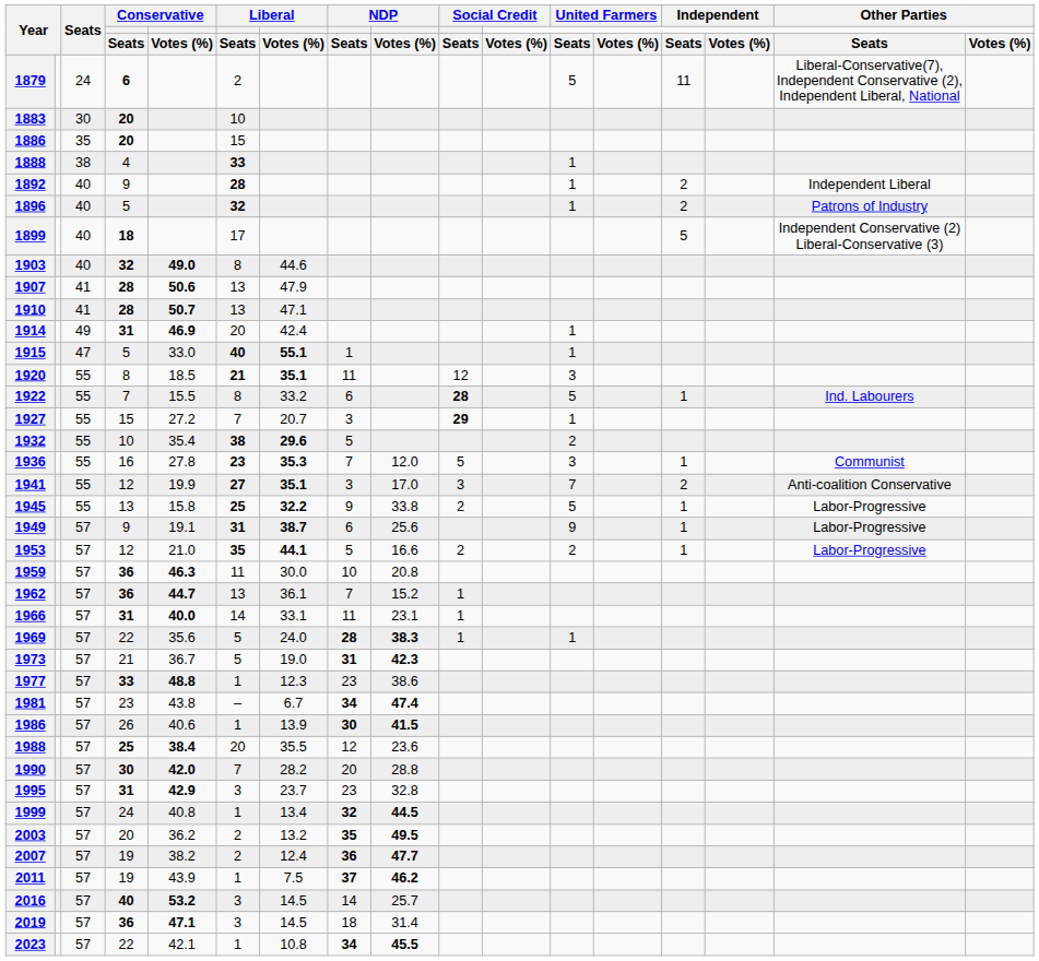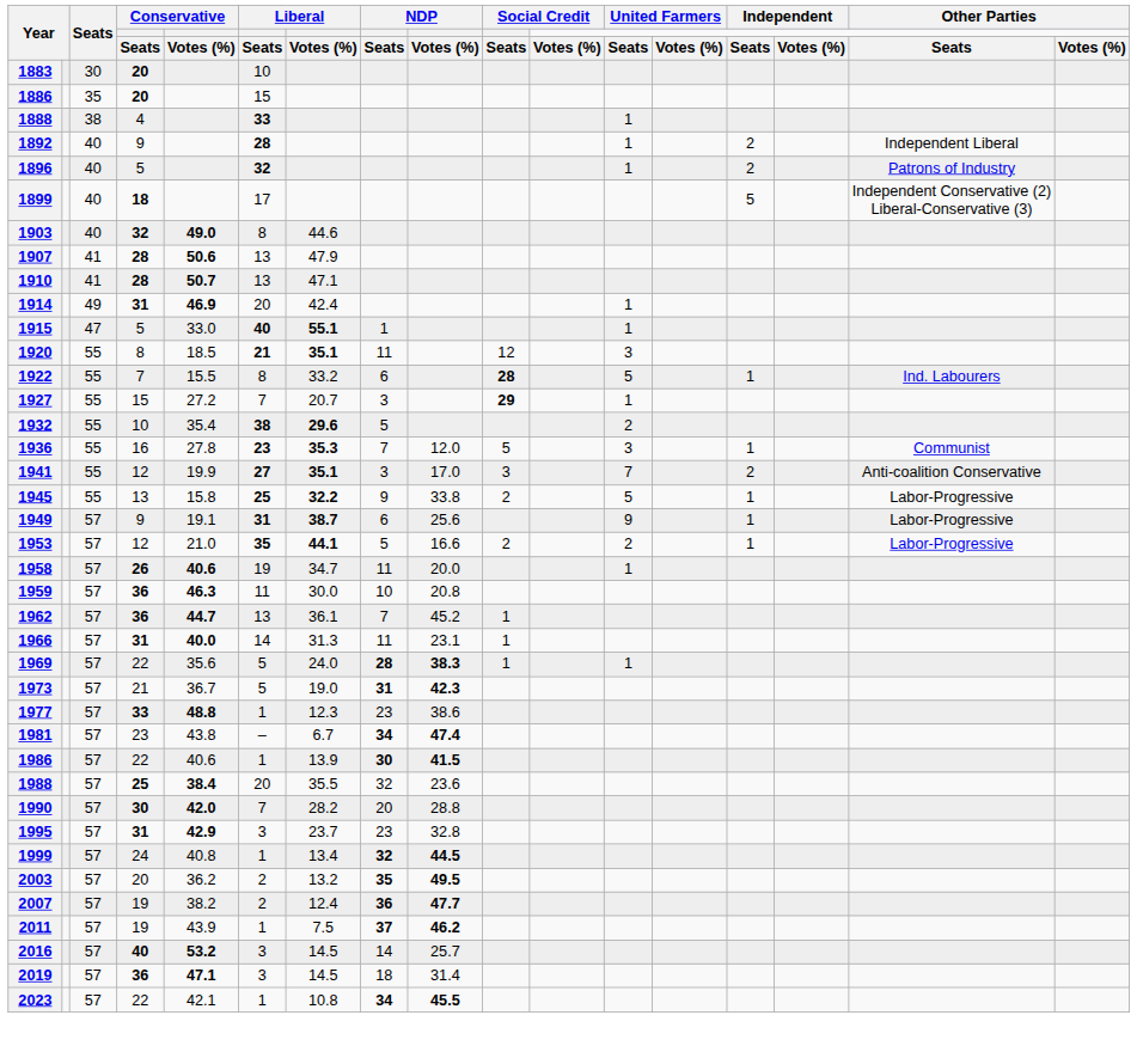 <table class="sortable wikitable" style="margin:auto; clear:both; text-align:center;" border="0">
 <tr style="background:#ccf">
 <th rowspan=3 colspan=2>Year</th>
 <th width="40" rowspan=3>Seats</th>
 <th colspan="2"><a href='#'>Conservative</a></th>
 <th width="75" colspan="2"><a href='#'>Liberal</a></th>
 <th width="75" colspan="2"><a href='#'>NDP</a></th>
 <th colspan="2"><a href='#'>Social Credit</a></th>
 <th colspan="2"><a href='#'>United Farmers</a></th>
 <th colspan="2">Independent</th>
 <th colspan=2>Other Parties</th>
 </tr>
 <tr>
 <th style="background:"></th>
 <th style="background:"></th>
 <th style="background:"></th>
 <th style="background:"></th>
 <th style="background:"></th>
 <th style="background:"></th>
 <th style="background:"></th>
 </tr>
 <tr>
 <th><strong>Seats</strong></th>
 <th><strong>Votes (%)</strong></th>
 <th><strong>Seats</strong></th>
 <th><strong>Votes (%)</strong></th>
 <th><strong>Seats</strong></th>
 <th><strong>Votes (%)</strong></th>
 <th><strong>Seats</strong></th>
 <th><strong>Votes (%)</strong></th>
 <th><strong>Seats</strong></th>
 <th><strong>Votes (%)</strong></th>
 <th><strong>Seats</strong></th>
 <th><strong>Votes (%)</strong></th>
 <th><strong>Seats</strong></th>
 <th><strong>Votes (%)</strong></th>
-</tr>
-<tr>
-<th><a href='#'>1879</a></th>
-<td></td>
-<td>24</td>
-<td><strong>6</strong></td>
-<td></td>
-<td>2</td>
-<td></td>
-<td></td>
-<td></td>
-<td></td>
-<td></td>
-<td>5</td>
-<td></td>
-<td>11</td>
-<td></td>
-<td>Liberal-Conservative(7), <br> Independent Conservative (2),<br> Independent Liberal, <a href='#'>National</a></td>
-<td></td>
 </tr>
 <tr style="background:#EEEEEE">
 <th><a href='#'>1883</a></th>
 <td></td>
 <td>30</td>
 <td><strong>20</strong></td>
 <td></td>
 <td>10</td>
 <td></td>
 <td></td>
 <td></td>
 <td></td>
 <td></td>
 <td></td>
 <td></td>
 <td></td>
 <td></td>
 <td></td>
 <td></td>
 </tr>
 <tr>
 <th><a href='#'>1886</a></th>
 <td></td>
 <td>35</td>
 <td><strong>20</strong></td>
 <td></td>
 <td>15</td>
 <td></td>
 <td></td>
 <td></td>
 <td></td>
 <td></td>
 <td></td>
 <td></td>
 <td></td>
 <td></td>
 <td></td>
 <td></td>
 </tr>
 <tr style="background:#EEEEEE">
 <th><a href='#'>1888</a></th>
 <td></td>
 <td>38</td>
 <td>4</td>
 <td></td>
 <td><strong>33</strong></td>
 <td></td>
 <td></td>
 <td></td>
 <td></td>
 <td></td>
 <td>1</td>
 <td></td>
 <td></td>
 <td></td>
 <td></td>
 <td></td>
 </tr>
 <tr>
 <th><a href='#'>1892</a></th>
 <td></td>
 <td>40</td>
 <td>9</td>
 <td></td>
 <td><strong>28</strong></td>
 <td></td>
 <td></td>
 <td></td>
 <td></td>
 <td></td>
 <td>1</td>
 <td></td>
 <td>2</td>
 <td></td>
 <td>Independent Liberal</td>
 <td></td>
 </tr>
 <tr style="background:#EEEEEE">
 <th><a href='#'>1896</a></th>
 <td></td>
 <td>40</td>
 <td>5</td>
 <td></td>
 <td><strong>32</strong></td>
 <td></td>
 <td></td>
 <td></td>
 <td></td>
 <td></td>
 <td>1</td>
 <td></td>
 <td>2</td>
 <td></td>
 <td><a href='#'>Patrons of Industry</a></td>
 <td></td>
 </tr>
 <tr>
 <th><a href='#'>1899</a></th>
 <td></td>
 <td>40</td>
 <td><strong>18</strong></td>
 <td></td>
 <td>17</td>
 <td></td>
 <td></td>
 <td></td>
 <td></td>
 <td></td>
 <td></td>
 <td></td>
 <td>5</td>
 <td></td>
 <td>Independent Conservative (2)<br>Liberal-Conservative (3)</td>
 <td></td>
 </tr>
 <tr style="background:#EEEEEE">
 <th><a href='#'>1903</a></th>
 <td></td>
 <td>40</td>
 <td><strong>32</strong></td>
 <td><strong>49.0</strong></td>
 <td>8</td>
 <td>44.6</td>
 <td></td>
 <td></td>
 <td></td>
 <td></td>
 <td></td>
 <td></td>
 <td></td>
 <td></td>
 <td></td>
 <td></td>
 </tr>
 <tr>
 <th><a href='#'>1907</a></th>
 <td></td>
 <td>41</td>
 <td><strong>28</strong></td>
 <td><strong>50.6</strong></td>
 <td>13</td>
 <td>47.9</td>
 <td></td>
 <td></td>
 <td></td>
 <td></td>
 <td></td>
 <td></td>
 <td></td>
 <td></td>
 <td></td>
 <td></td>
 </tr>
 <tr style="background:#EEEEEE">
 <th><a href='#'>1910</a></th>
 <td></td>
 <td>41</td>
 <td><strong>28</strong></td>
 <td><strong>50.7</strong></td>
 <td>13</td>
 <td>47.1</td>
 <td></td>
 <td></td>
 <td></td>
 <td></td>
 <td></td>
 <td></td>
 <td></td>
 <td></td>
 <td></td>
 <td></td>
 </tr>
 <tr>
 <th><a href='#'>1914</a></th>
 <td></td>
 <td>49</td>
 <td><strong>31</strong></td>
 <td><strong>46.9</strong></td>
 <td>20</td>
 <td>42.4</td>
 <td></td>
 <td></td>
 <td></td>
 <td></td>
 <td>1</td>
 <td></td>
 <td></td>
 <td></td>
 <td></td>
 <td></td>
 </tr>
 <tr style="background:#EEEEEE">
 <th><a href='#'>1915</a></th>
 <td></td>
 <td>47</td>
 <td>5</td>
 <td>33.0</td>
 <td><strong>40</strong></td>
 <td><strong>55.1</strong></td>
 <td>1</td>
 <td></td>
 <td></td>
 <td></td>
 <td>1</td>
 <td></td>
 <td></td>
 <td></td>
 <td></td>
 <td></td>
 </tr>
 <tr>
 <th><a href='#'>1920</a></th>
 <td></td>
 <td>55</td>
 <td>8</td>
 <td>18.5</td>
 <td><strong>21</strong></td>
 <td><strong>35.1</strong></td>
 <td>11</td>
 <td></td>
 <td>12</td>
 <td></td>
 <td>3</td>
 <td></td>
 <td></td>
 <td></td>
 <td></td>
 <td></td>
 </tr>
 <tr style="background:#EEEEEE">
 <th><a href='#'>1922</a></th>
 <td></td>
 <td>55</td>
 <td>7</td>
 <td>15.5</td>
 <td>8</td>
 <td>33.2</td>
 <td>6</td>
 <td></td>
 <td><strong>28</strong></td>
 <td></td>
 <td>5</td>
 <td></td>
 <td>1</td>
 <td></td>
 <td><a href='#'>Ind. Labourers</a></td>
 <td></td>
 </tr>
 <tr>
 <th><a href='#'>1927</a></th>
 <td></td>
 <td>55</td>
 <td>15</td>
 <td>27.2</td>
 <td>7</td>
 <td>20.7</td>
 <td>3</td>
 <td></td>
 <td><strong>29</strong></td>
 <td></td>
 <td>1</td>
 <td></td>
 <td></td>
 <td></td>
 <td></td>
 <td></td>
 </tr>
 <tr style="background:#EEEEEE">
 <th><a href='#'>1932</a></th>
 <td></td>
 <td>55</td>
 <td>10</td>
 <td>35.4</td>
 <td><strong>38</strong></td>
 <td><strong>29.6</strong></td>
 <td>5</td>
 <td></td>
 <td></td>
 <td></td>
 <td>2</td>
 <td></td>
 <td></td>
 <td></td>
 <td></td>
 <td></td>
 </tr>
 <tr>
 <th><a href='#'>1936</a></th>
 <td></td>
 <td>55</td>
 <td>16</td>
 <td>27.8</td>
 <td><strong>23</strong></td>
 <td><strong>35.3</strong></td>
 <td>7</td>
 <td>12.0</td>
 <td>5</td>
 <td></td>
 <td>3</td>
 <td></td>
 <td>1</td>
 <td></td>
 <td><a href='#'>Communist</a></td>
 <td></td>
 </tr>
 <tr style="background:#EEEEEE">
 <th><a href='#'>1941</a></th>
 <td></td>
 <td>55</td>
 <td>12</td>
 <td>19.9</td>
 <td><strong>27</strong></td>
 <td><strong>35.1</strong></td>
 <td>3</td>
 <td>17.0</td>
 <td>3</td>
 <td></td>
 <td>7</td>
 <td></td>
 <td>2</td>
 <td></td>
 <td>Anti-coalition Conservative</td>
 <td></td>
 </tr>
 <tr>
 <th><a href='#'>1945</a></th>
 <td></td>
 <td>55</td>
 <td>13</td>
 <td>15.8</td>
 <td><strong>25</strong></td>
 <td><strong>32.2</strong></td>
 <td>9</td>
 <td>33.8</td>
 <td>2</td>
 <td></td>
 <td>5</td>
 <td></td>
 <td>1</td>
 <td></td>
 <td>Labor-Progressive</td>
 <td></td>
 </tr>
 <tr style="background:#EEEEEE">
 <th><a href='#'>1949</a></th>
 <td></td>
 <td>57</td>
 <td>9</td>
 <td>19.1</td>
 <td><strong>31</strong></td>
 <td><strong>38.7</strong></td>
 <td>6</td>
 <td>25.6</td>
 <td></td>
 <td></td>
 <td>9</td>
 <td></td>
 <td>1</td>
 <td></td>
 <td>Labor-Progressive</td>
 <td></td>
 </tr>
 <tr>
 <th><a href='#'>1953</a></th>
 <td></td>
 <td>57</td>
 <td>12</td>
 <td>21.0</td>
 <td><strong>35</strong></td>
 <td><strong>44.1</strong></td>
 <td>5</td>
 <td>16.6</td>
 <td>2</td>
 <td></td>
 <td>2</td>
 <td></td>
 <td>1</td>
 <td></td>
 <td><a href='#'>Labor-Progressive</a></td>
 <td></td>
 </tr>
+<tr style="background:#EEEEEE">
+<th><a href='#'>1958</a></th>
+<td></td>
+<td>57</td>
+<td><strong>26</strong></td>
+<td><strong>40.6</strong></td>
+<td>19</td>
+<td>34.7</td>
+<td>11</td>
+<td>20.0</td>
+<td></td>
+<td></td>
+<td>1</td>
+<td></td>
+<td></td>
+<td></td>
+<td></td>
+<td></td>
+</tr>
 <tr>
 <th><a href='#'>1959</a></th>
 <td></td>
 <td>57</td>
 <td><strong>36</strong></td>
 <td><strong>46.3</strong></td>
 <td>11</td>
 <td>30.0</td>
 <td>10</td>
 <td>20.8</td>
 <td></td>
 <td></td>
 <td></td>
 <td></td>
 <td></td>
 <td></td>
 <td></td>
 <td></td>
 </tr>
 <tr style="background:#EEEEEE">
 <th><a href='#'>1962</a></th>
 <td></td>
 <td>57</td>
 <td><strong>36</strong></td>
 <td><strong>44.7</strong></td>
 <td>13</td>
 <td>36.1</td>
 <td>7</td>
-<td>15.2</td>
+<td>45.2</td>
 <td>1</td>
 <td></td>
 <td></td>
 <td></td>
 <td></td>
 <td></td>
 <td></td>
 <td></td>
 </tr>
 <tr>
 <th><a href='#'>1966</a></th>
 <td></td>
 <td>57</td>
 <td><strong>31</strong></td>
 <td><strong>40.0</strong></td>
 <td>14</td>
-<td>33.1</td>
+<td>31.3</td>
 <td>11</td>
 <td>23.1</td>
 <td>1</td>
 <td></td>
 <td></td>
 <td></td>
 <td></td>
 <td></td>
 <td></td>
 <td></td>
 </tr>
 <tr style="background:#EEEEEE">
 <th><a href='#'>1969</a></th>
 <td></td>
 <td>57</td>
 <td>22</td>
 <td>35.6</td>
 <td>5</td>
 <td>24.0</td>
 <td><strong>28</strong></td>
 <td><strong>38.3</strong></td>
 <td>1</td>
 <td></td>
 <td>1</td>
 <td></td>
 <td></td>
 <td></td>
 <td></td>
 <td></td>
 </tr>
 <tr>
 <th><a href='#'>1973</a></th>
 <td></td>
 <td>57</td>
 <td>21</td>
 <td>36.7</td>
 <td>5</td>
 <td>19.0</td>
 <td><strong>31</strong></td>
 <td><strong>42.3</strong></td>
 <td></td>
 <td></td>
 <td></td>
 <td></td>
 <td></td>
 <td></td>
 <td></td>
 <td></td>
 </tr>
 <tr style="background:#EEEEEE">
 <th><a href='#'>1977</a></th>
 <td></td>
 <td>57</td>
 <td><strong>33</strong></td>
 <td><strong>48.8</strong></td>
 <td>1</td>
 <td>12.3</td>
 <td>23</td>
 <td>38.6</td>
 <td></td>
 <td></td>
 <td></td>
 <td></td>
 <td></td>
 <td></td>
 <td></td>
 <td></td>
 </tr>
 <tr>
 <th><a href='#'>1981</a></th>
 <td></td>
 <td>57</td>
 <td>23</td>
 <td>43.8</td>
 <td>–</td>
 <td>6.7</td>
 <td><strong>34</strong></td>
 <td><strong>47.4</strong></td>
 <td></td>
 <td></td>
 <td></td>
 <td></td>
 <td></td>
 <td></td>
 <td></td>
 <td></td>
 </tr>
 <tr style="background:#EEEEEE">
 <th><a href='#'>1986</a></th>
 <td></td>
 <td>57</td>
-<td>26</td>
+<td>22</td>
 <td>40.6</td>
 <td>1</td>
 <td>13.9</td>
 <td><strong>30</strong></td>
 <td><strong>41.5</strong></td>
 <td></td>
 <td></td>
 <td></td>
 <td></td>
 <td></td>
 <td></td>
 <td></td>
 <td></td>
 </tr>
 <tr>
 <th><a href='#'>1988</a></th>
 <td></td>
 <td>57</td>
 <td><strong>25</strong></td>
 <td><strong>38.4</strong></td>
 <td>20</td>
 <td>35.5</td>
-<td>12</td>
+<td>32</td>
 <td>23.6</td>
 <td></td>
 <td></td>
 <td></td>
 <td></td>
 <td></td>
 <td></td>
 <td></td>
 <td></td>
 </tr>
 <tr style="background:#EEEEEE">
 <th><a href='#'>1990</a></th>
 <td></td>
 <td>57</td>
 <td><strong>30</strong></td>
 <td><strong>42.0</strong></td>
 <td>7</td>
 <td>28.2</td>
 <td>20</td>
 <td>28.8</td>
 <td></td>
 <td></td>
 <td></td>
 <td></td>
 <td></td>
 <td></td>
 <td></td>
 <td></td>
 </tr>
 <tr>
 <th><a href='#'>1995</a></th>
 <td></td>
 <td>57</td>
 <td><strong>31</strong></td>
 <td><strong>42.9</strong></td>
 <td>3</td>
 <td>23.7</td>
 <td>23</td>
 <td>32.8</td>
 <td></td>
 <td></td>
 <td></td>
 <td></td>
 <td></td>
 <td></td>
 <td></td>
 <td></td>
 </tr>
 <tr style="background:#EEEEEE">
 <th><a href='#'>1999</a></th>
 <td></td>
 <td>57</td>
 <td>24</td>
 <td>40.8</td>
 <td>1</td>
 <td>13.4</td>
 <td><strong>32</strong></td>
 <td><strong>44.5</strong></td>
 <td></td>
 <td></td>
 <td></td>
 <td></td>
 <td></td>
 <td></td>
 <td></td>
 <td></td>
 </tr>
 <tr>
 <th width="50"><a href='#'>2003</a></th>
 <td></td>
 <td>57</td>
 <td>20</td>
 <td>36.2</td>
 <td>2</td>
 <td>13.2</td>
 <td><strong>35</strong></td>
 <td><strong>49.5</strong></td>
 <td></td>
 <td></td>
 <td></td>
 <td></td>
 <td></td>
 <td></td>
 <td></td>
 <td></td>
 </tr>
 <tr style="background:#EEEEEE">
 <th><a href='#'>2007</a></th>
 <td></td>
 <td>57</td>
 <td>19</td>
 <td>38.2</td>
 <td>2</td>
 <td>12.4</td>
 <td><strong>36</strong></td>
 <td><strong>47.7</strong></td>
 <td></td>
 <td></td>
 <td></td>
 <td></td>
 <td></td>
 <td></td>
 <td></td>
 <td></td>
 </tr>
 <tr>
 <th><a href='#'>2011</a></th>
 <td></td>
 <td>57</td>
 <td>19</td>
 <td>43.9</td>
 <td>1</td>
 <td>7.5</td>
 <td><strong>37</strong></td>
 <td><strong>46.2</strong></td>
 <td></td>
 <td></td>
 <td></td>
 <td></td>
 <td></td>
 <td></td>
 <td></td>
 <td></td>
 </tr>
 <tr style="background:#EEEEEE">
 <th><a href='#'>2016</a></th>
 <td></td>
 <td>57</td>
 <td><strong>40</strong></td>
 <td><strong>53.2</strong></td>
 <td>3</td>
 <td>14.5</td>
 <td>14</td>
 <td>25.7</td>
 <td></td>
 <td></td>
 <td></td>
 <td></td>
 <td></td>
 <td></td>
 <td></td>
 <td></td>
 </tr>
 <tr>
 <th><a href='#'>2019</a></th>
 <td></td>
 <td>57</td>
 <td><strong>36</strong></td>
 <td><strong>47.1</strong></td>
 <td>3</td>
 <td>14.5</td>
 <td>18</td>
 <td>31.4</td>
 <td></td>
 <td></td>
 <td></td>
 <td></td>
 <td></td>
 <td></td>
 <td></td>
 <td></td>
 </tr>
 <tr>
 <th><a href='#'>2023</a></th>
 <td></td>
 <td>57</td>
 <td>22</td>
 <td>42.1</td>
 <td>1</td>
 <td>10.8</td>
 <td><strong>34</strong></td>
 <td><strong>45.5</strong></td>
 <td></td>
 <td></td>
 <td></td>
 <td></td>
 <td></td>
 <td></td>
 <td></td>
 <td></td>
 </tr>
 </table>
